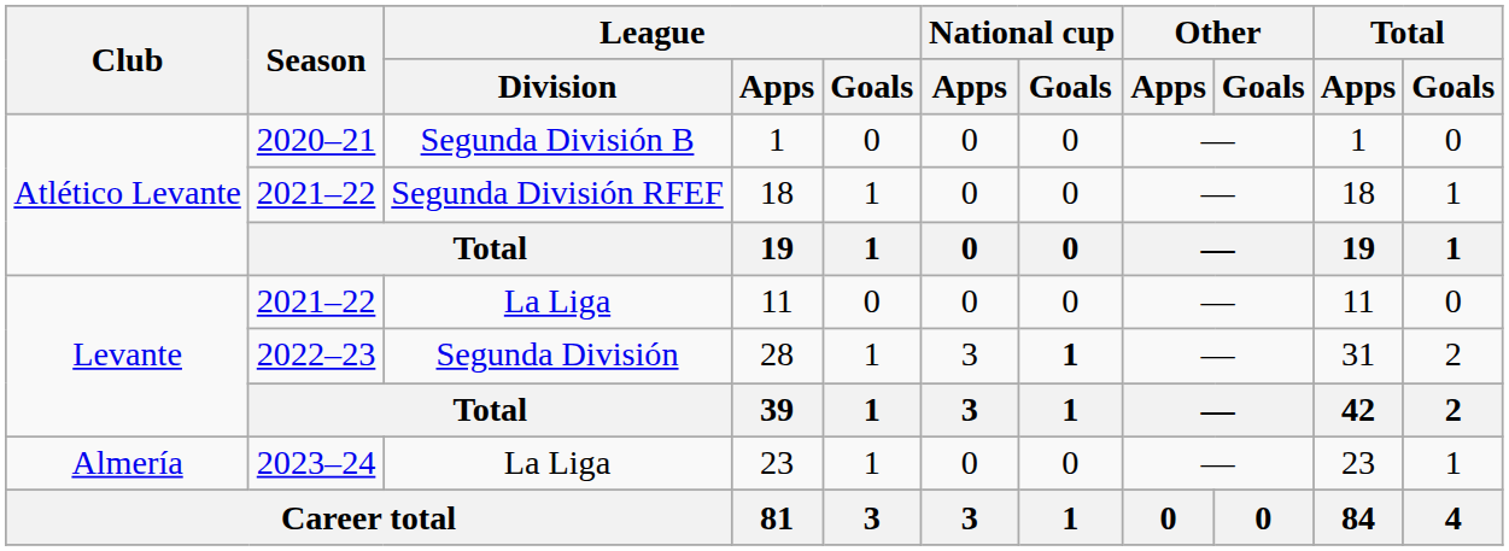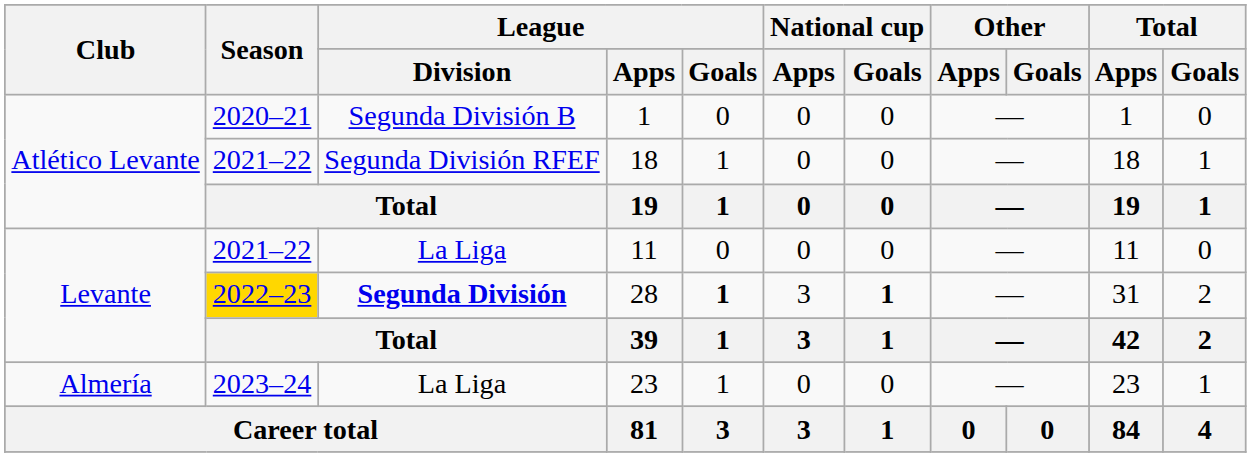 <table class=wikitable style="text-align: center">
 <tr>
 <th rowspan="2">Club</th>
 <th rowspan="2">Season</th>
 <th colspan="3">League</th>
 <th colspan="2">National cup</th>
 <th colspan="2">Other</th>
 <th colspan="2">Total</th>
 </tr>
 <tr>
 <th>Division</th>
 <th>Apps</th>
 <th>Goals</th>
 <th>Apps</th>
 <th>Goals</th>
 <th>Apps</th>
 <th>Goals</th>
 <th>Apps</th>
 <th>Goals</th>
 </tr>
 <tr>
 <td rowspan="3"><a href='#'>Atlético Levante</a></td>
 <td><a href='#'>2020–21</a></td>
 <td><a href='#'>Segunda División B</a></td>
 <td>1</td>
 <td>0</td>
 <td>0</td>
 <td>0</td>
 <td colspan="2">—</td>
 <td>1</td>
 <td>0</td>
 </tr>
 <tr>
 <td><a href='#'>2021–22</a></td>
 <td><a href='#'>Segunda División RFEF</a></td>
 <td>18</td>
 <td>1</td>
 <td>0</td>
 <td>0</td>
 <td colspan="2">—</td>
 <td>18</td>
 <td>1</td>
 </tr>
 <tr>
 <th colspan="2">Total</th>
 <th>19</th>
 <th>1</th>
 <th>0</th>
 <th>0</th>
 <th colspan="2">—</th>
 <th>19</th>
 <th>1</th>
 </tr>
 <tr>
 <td rowspan="3"><a href='#'>Levante</a></td>
 <td><a href='#'>2021–22</a></td>
 <td><a href='#'>La Liga</a></td>
 <td>11</td>
 <td>0</td>
 <td>0</td>
 <td>0</td>
 <td colspan="2">—</td>
 <td>11</td>
 <td>0</td>
 </tr>
 <tr>
-<td><a href='#'>2022–23</a></td>
-<td><a href='#'>Segunda División</a></td>
+<td style="background: gold;"><a href='#'>2022–23</a></td>
+<td><strong><a href='#'>Segunda División</a></strong></td>
 <td>28</td>
-<td>1</td>
+<td><strong>1</strong></td>
 <td>3</td>
 <td><strong>1</strong></td>
 <td colspan="2">—</td>
 <td>31</td>
 <td>2</td>
 </tr>
 <tr>
 <th colspan="2">Total</th>
 <th>39</th>
 <th>1</th>
 <th>3</th>
 <th>1</th>
 <th colspan="2">—</th>
 <th>42</th>
 <th>2</th>
 </tr>
 <tr>
 <td><a href='#'>Almería</a></td>
 <td><a href='#'>2023–24</a></td>
 <td>La Liga</td>
 <td>23</td>
 <td>1</td>
 <td>0</td>
 <td>0</td>
 <td colspan="2">—</td>
 <td>23</td>
 <td>1</td>
 </tr>
 <tr>
 <th colspan="3">Career total</th>
 <th>81</th>
 <th>3</th>
 <th>3</th>
 <th>1</th>
 <th>0</th>
 <th>0</th>
 <th>84</th>
 <th>4</th>
 </tr>
 </table>
